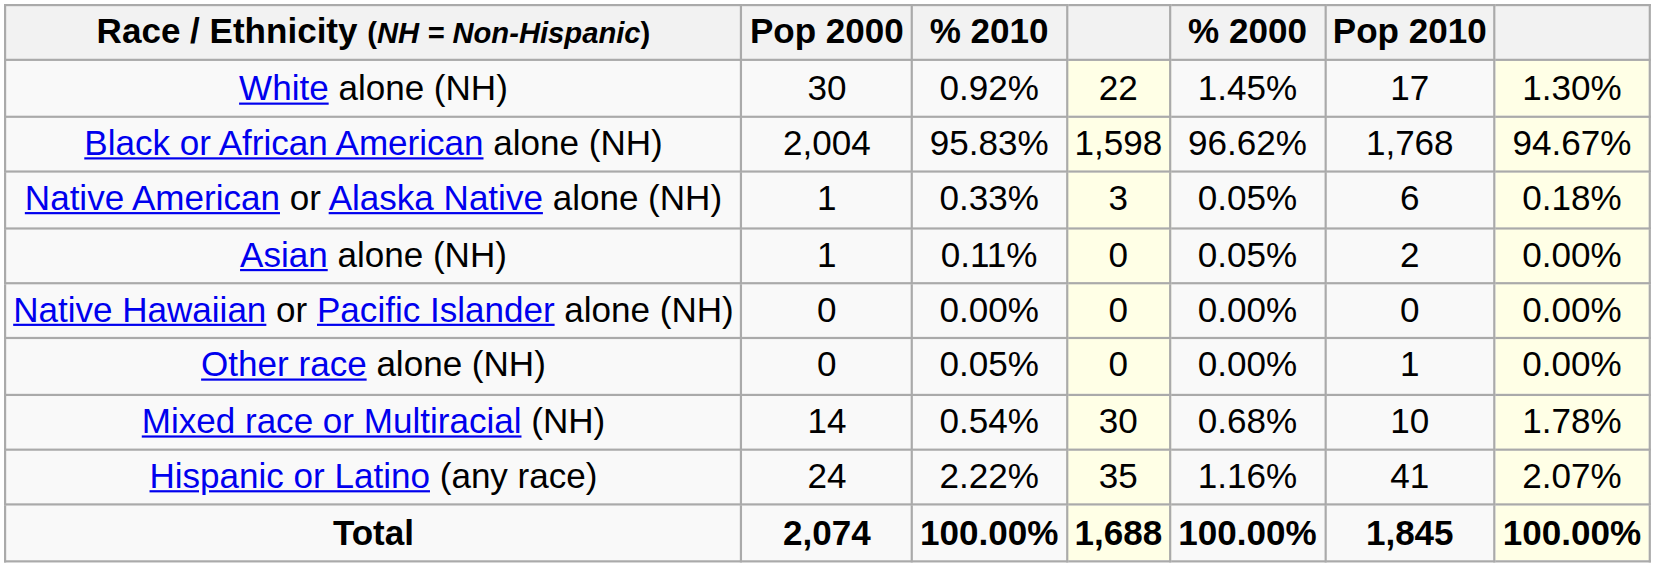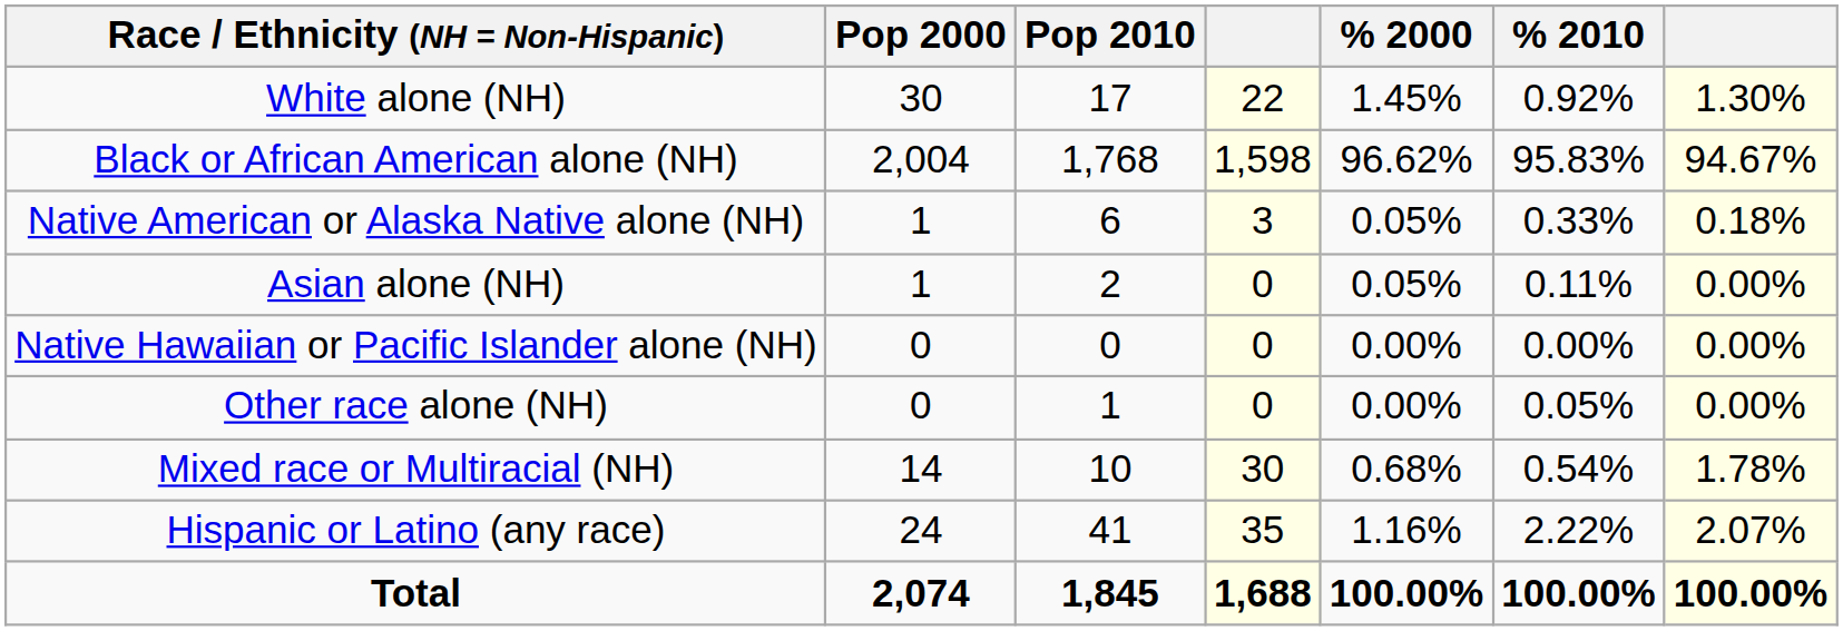 <table class="wikitable" style="text-align:center;">
 <tr>
 <th>Race / Ethnicity <small>(<em>NH = Non-Hispanic</em>)</small></th>
 <th>Pop 2000</th>
-<th>% 2010</th>
+<th>Pop 2010</th>
 <th></th>
 <th>% 2000</th>
-<th>Pop 2010</th>
+<th>% 2010</th>
 <th></th>
 </tr>
 <tr>
 <td><a href='#'>White</a> alone (NH)</td>
 <td>30</td>
-<td>0.92%</td>
+<td>17</td>
 <td style='background: #ffffe6;'>22</td>
 <td>1.45%</td>
-<td>17</td>
+<td>0.92%</td>
 <td style='background: #ffffe6;'>1.30%</td>
 </tr>
 <tr>
 <td><a href='#'>Black or African American</a> alone (NH)</td>
 <td>2,004</td>
-<td>95.83%</td>
+<td>1,768</td>
 <td style='background: #ffffe6;'>1,598</td>
 <td>96.62%</td>
-<td>1,768</td>
+<td>95.83%</td>
 <td style='background: #ffffe6;'>94.67%</td>
 </tr>
 <tr>
 <td><a href='#'>Native American</a> or <a href='#'>Alaska Native</a> alone (NH)</td>
 <td>1</td>
-<td>0.33%</td>
+<td>6</td>
 <td style='background: #ffffe6;'>3</td>
 <td>0.05%</td>
-<td>6</td>
+<td>0.33%</td>
 <td style='background: #ffffe6;'>0.18%</td>
 </tr>
 <tr>
 <td><a href='#'>Asian</a> alone (NH)</td>
 <td>1</td>
-<td>0.11%</td>
+<td>2</td>
 <td style='background: #ffffe6;'>0</td>
 <td>0.05%</td>
-<td>2</td>
+<td>0.11%</td>
 <td style='background: #ffffe6;'>0.00%</td>
 </tr>
 <tr>
 <td><a href='#'>Native Hawaiian</a> or <a href='#'>Pacific Islander</a> alone (NH)</td>
 <td>0</td>
-<td>0.00%</td>
+<td>0</td>
 <td style='background: #ffffe6;'>0</td>
 <td>0.00%</td>
-<td>0</td>
+<td>0.00%</td>
 <td style='background: #ffffe6;'>0.00%</td>
 </tr>
 <tr>
 <td><a href='#'>Other race</a> alone (NH)</td>
 <td>0</td>
-<td>0.05%</td>
+<td>1</td>
 <td style='background: #ffffe6;'>0</td>
 <td>0.00%</td>
-<td>1</td>
+<td>0.05%</td>
 <td style='background: #ffffe6;'>0.00%</td>
 </tr>
 <tr>
 <td><a href='#'>Mixed race or Multiracial</a> (NH)</td>
 <td>14</td>
-<td>0.54%</td>
+<td>10</td>
 <td style='background: #ffffe6;'>30</td>
 <td>0.68%</td>
-<td>10</td>
+<td>0.54%</td>
 <td style='background: #ffffe6;'>1.78%</td>
 </tr>
 <tr>
 <td><a href='#'>Hispanic or Latino</a> (any race)</td>
 <td>24</td>
-<td>2.22%</td>
+<td>41</td>
 <td style='background: #ffffe6;'>35</td>
 <td>1.16%</td>
-<td>41</td>
+<td>2.22%</td>
 <td style='background: #ffffe6;'>2.07%</td>
 </tr>
 <tr>
 <td><strong>Total</strong></td>
 <td><strong>2,074</strong></td>
-<td><strong>100.00%</strong></td>
+<td><strong>1,845</strong></td>
 <td style='background: #ffffe6;'><strong>1,688</strong></td>
 <td><strong>100.00%</strong></td>
-<td><strong>1,845</strong></td>
+<td><strong>100.00%</strong></td>
 <td style='background: #ffffe6;'><strong>100.00%</strong></td>
 </tr>
 </table>
